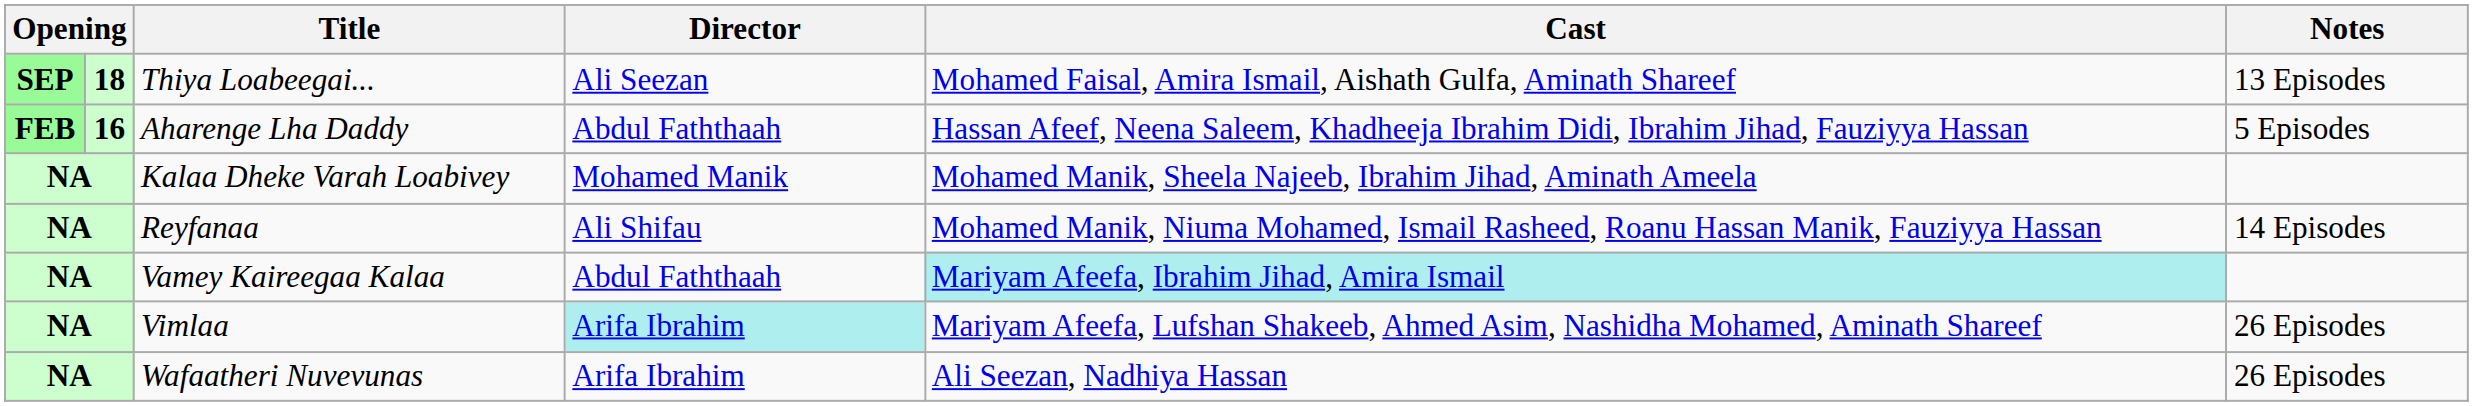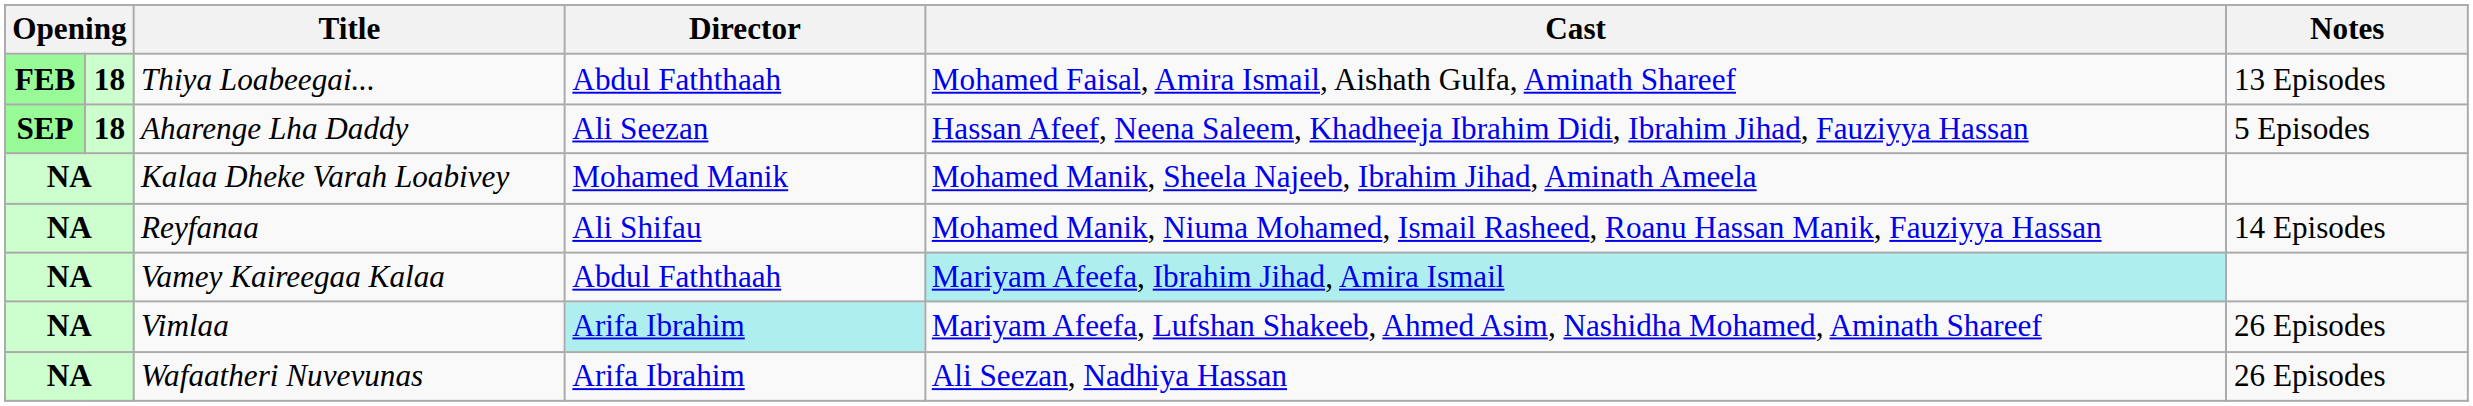 <table class="wikitable plainrowheaders" width="100%">
 <tr>
 <th scope="col" colspan="2" width=2%>Opening</th>
 <th scope="col" width=18%>Title</th>
 <th scope="col" width=15%>Director</th>
 <th scope="col" width=55%>Cast</th>
 <th scope="col" width=10%>Notes</th>
 </tr>
 <tr>
-<td style="text-align:center; background:#98fb98; textcolor:#000;"><strong>SEP</strong></td>
+<td style="text-align:center; background:#98fb98; textcolor:#000;"><strong>FEB</strong></td>
 <td style="text-align:center; textcolor:#000; background:#cdfecd;"><strong>18</strong></td>
 <td><em>Thiya Loabeegai...</em></td>
-<td><a href='#'>Ali Seezan</a></td>
+<td><a href='#'>Abdul Faththaah</a></td>
 <td><a href='#'>Mohamed Faisal</a>, <a href='#'>Amira Ismail</a>, Aishath Gulfa, <a href='#'>Aminath Shareef</a></td>
 <td>13 Episodes</td>
 </tr>
 <tr>
-<td style="text-align:center; background:#98fb98; textcolor:#000;"><strong>FEB</strong></td>
-<td style="text-align:center; textcolor:#000; background:#cdfecd;"><strong>16</strong></td>
+<td style="text-align:center; background:#98fb98; textcolor:#000;"><strong>SEP</strong></td>
+<td style="text-align:center; textcolor:#000; background:#cdfecd;"><strong>18</strong></td>
 <td><em>Aharenge Lha Daddy</em></td>
-<td><a href='#'>Abdul Faththaah</a></td>
+<td><a href='#'>Ali Seezan</a></td>
 <td><a href='#'>Hassan Afeef</a>, <a href='#'>Neena Saleem</a>, <a href='#'>Khadheeja Ibrahim Didi</a>, <a href='#'>Ibrahim Jihad</a>, <a href='#'>Fauziyya Hassan</a></td>
 <td>5 Episodes</td>
 </tr>
 <tr>
 <td style="text-align:center; textcolor:#000; background:#cdfecd;" colspan="2"><strong>NA</strong></td>
 <td><em>Kalaa Dheke Varah Loabivey</em></td>
 <td><a href='#'>Mohamed Manik</a></td>
 <td><a href='#'>Mohamed Manik</a>, <a href='#'>Sheela Najeeb</a>, <a href='#'>Ibrahim Jihad</a>, <a href='#'>Aminath Ameela</a></td>
 <td></td>
 </tr>
 <tr>
 <td style="text-align:center; textcolor:#000; background:#cdfecd;" colspan="2"><strong>NA</strong></td>
 <td><em>Reyfanaa</em></td>
 <td><a href='#'>Ali Shifau</a></td>
 <td><a href='#'>Mohamed Manik</a>, <a href='#'>Niuma Mohamed</a>, <a href='#'>Ismail Rasheed</a>, <a href='#'>Roanu Hassan Manik</a>, <a href='#'>Fauziyya Hassan</a></td>
 <td>14 Episodes</td>
 </tr>
 <tr>
 <td style="text-align:center; textcolor:#000; background:#cdfecd;" colspan="2"><strong>NA</strong></td>
 <td><em>Vamey Kaireegaa Kalaa</em></td>
 <td><a href='#'>Abdul Faththaah</a></td>
 <td style="background: paleturquoise;"><a href='#'>Mariyam Afeefa</a>, <a href='#'>Ibrahim Jihad</a>, <a href='#'>Amira Ismail</a></td>
 <td></td>
 </tr>
 <tr>
 <td style="text-align:center; textcolor:#000; background:#cdfecd;" colspan="2"><strong>NA</strong></td>
 <td><em>Vimlaa</em></td>
 <td style="background: paleturquoise;"><a href='#'>Arifa Ibrahim</a></td>
 <td><a href='#'>Mariyam Afeefa</a>, <a href='#'>Lufshan Shakeeb</a>, <a href='#'>Ahmed Asim</a>, <a href='#'>Nashidha Mohamed</a>, <a href='#'>Aminath Shareef</a></td>
 <td>26 Episodes</td>
 </tr>
 <tr>
 <td style="text-align:center; textcolor:#000; background:#cdfecd;" colspan="2"><strong>NA</strong></td>
 <td><em>Wafaatheri Nuvevunas</em></td>
 <td><a href='#'>Arifa Ibrahim</a></td>
 <td><a href='#'>Ali Seezan</a>, <a href='#'>Nadhiya Hassan</a></td>
 <td>26 Episodes</td>
 </tr>
 </table>
